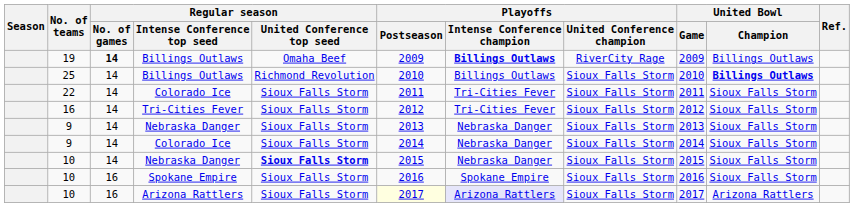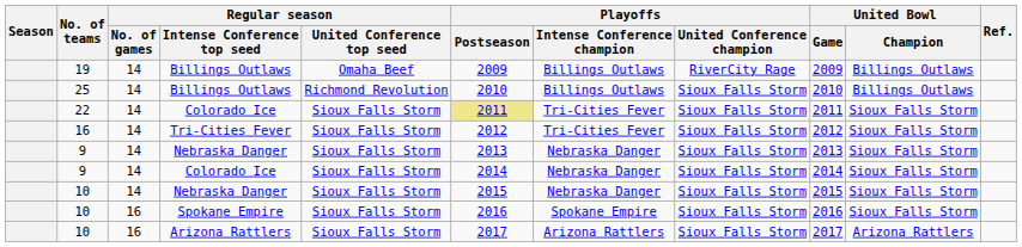 <table class="wikitable plainrowheaders" style="text-align:center; font-size:95%">
 <tr>
 <th rowspan="2">Season</th>
 <th rowspan="2">No. of<br>teams</th>
 <th colspan="3">Regular season</th>
 <th colspan="3">Playoffs</th>
 <th colspan="2">United Bowl</th>
 <th rowspan="2">Ref.</th>
 </tr>
 <tr>
 <th>No. of<br>games</th>
 <th>Intense Conference<br>top seed</th>
 <th>United Conference<br>top seed</th>
 <th>Postseason</th>
 <th>Intense Conference<br>champion</th>
 <th>United Conference<br>champion</th>
 <th>Game</th>
 <th>Champion</th>
 </tr>
 <tr>
 <th></th>
 <td>19</td>
-<td><strong>14</strong></td>
+<td>14</td>
 <td><a href='#'>Billings Outlaws</a></td>
 <td><a href='#'>Omaha Beef</a></td>
 <td><a href='#'>2009</a></td>
-<td><strong><a href='#'>Billings Outlaws</a></strong></td>
+<td><a href='#'>Billings Outlaws</a></td>
 <td><a href='#'>RiverCity Rage</a></td>
 <td><a href='#'>2009</a></td>
 <td><a href='#'>Billings Outlaws</a></td>
 <td></td>
 </tr>
 <tr>
 <th></th>
 <td>25</td>
 <td>14</td>
 <td><a href='#'>Billings Outlaws</a></td>
 <td><a href='#'>Richmond Revolution</a></td>
 <td><a href='#'>2010</a></td>
 <td><a href='#'>Billings Outlaws</a></td>
 <td><a href='#'>Sioux Falls Storm</a></td>
 <td><a href='#'>2010</a></td>
-<td><strong><a href='#'>Billings Outlaws</a></strong></td>
+<td><a href='#'>Billings Outlaws</a></td>
 <td></td>
 </tr>
 <tr>
 <th></th>
 <td>22</td>
 <td>14</td>
 <td><a href='#'>Colorado Ice</a></td>
 <td><a href='#'>Sioux Falls Storm</a></td>
-<td><a href='#'>2011</a></td>
+<td style="background: khaki;"><a href='#'>2011</a></td>
 <td><a href='#'>Tri-Cities Fever</a></td>
 <td><a href='#'>Sioux Falls Storm</a></td>
 <td><a href='#'>2011</a></td>
 <td><a href='#'>Sioux Falls Storm</a></td>
 <td></td>
 </tr>
 <tr>
 <th></th>
 <td>16</td>
 <td>14</td>
 <td><a href='#'>Tri-Cities Fever</a></td>
 <td><a href='#'>Sioux Falls Storm</a></td>
 <td><a href='#'>2012</a></td>
 <td><a href='#'>Tri-Cities Fever</a></td>
 <td><a href='#'>Sioux Falls Storm</a></td>
 <td><a href='#'>2012</a></td>
 <td><a href='#'>Sioux Falls Storm</a></td>
 <td></td>
 </tr>
 <tr>
 <th></th>
 <td>9</td>
 <td>14</td>
 <td><a href='#'>Nebraska Danger</a></td>
 <td><a href='#'>Sioux Falls Storm</a></td>
 <td><a href='#'>2013</a></td>
 <td><a href='#'>Nebraska Danger</a></td>
 <td><a href='#'>Sioux Falls Storm</a></td>
 <td><a href='#'>2013</a></td>
 <td><a href='#'>Sioux Falls Storm</a></td>
 <td></td>
 </tr>
 <tr>
 <th></th>
 <td>9</td>
 <td>14</td>
 <td><a href='#'>Colorado Ice</a></td>
 <td><a href='#'>Sioux Falls Storm</a></td>
 <td><a href='#'>2014</a></td>
 <td><a href='#'>Nebraska Danger</a></td>
 <td><a href='#'>Sioux Falls Storm</a></td>
 <td><a href='#'>2014</a></td>
 <td><a href='#'>Sioux Falls Storm</a></td>
 <td></td>
 </tr>
 <tr>
 <th></th>
 <td>10</td>
 <td>14</td>
 <td><a href='#'>Nebraska Danger</a></td>
-<td><strong><a href='#'>Sioux Falls Storm</a></strong></td>
+<td><a href='#'>Sioux Falls Storm</a></td>
 <td><a href='#'>2015</a></td>
 <td><a href='#'>Nebraska Danger</a></td>
 <td><a href='#'>Sioux Falls Storm</a></td>
 <td><a href='#'>2015</a></td>
 <td><a href='#'>Sioux Falls Storm</a></td>
 <td></td>
 </tr>
 <tr>
 <th></th>
 <td>10</td>
 <td>16</td>
 <td><a href='#'>Spokane Empire</a></td>
 <td><a href='#'>Sioux Falls Storm</a></td>
 <td><a href='#'>2016</a></td>
 <td><a href='#'>Spokane Empire</a></td>
 <td><a href='#'>Sioux Falls Storm</a></td>
 <td><a href='#'>2016</a></td>
 <td><a href='#'>Sioux Falls Storm</a></td>
 <td></td>
 </tr>
 <tr>
 <th></th>
 <td>10</td>
 <td>16</td>
 <td><a href='#'>Arizona Rattlers</a></td>
 <td><a href='#'>Sioux Falls Storm</a></td>
-<td style="background: lightyellow;"><a href='#'>2017</a></td>
-<td style="background: lavender;"><a href='#'>Arizona Rattlers</a></td>
+<td><a href='#'>2017</a></td>
+<td><a href='#'>Arizona Rattlers</a></td>
 <td><a href='#'>Sioux Falls Storm</a></td>
 <td><a href='#'>2017</a></td>
 <td><a href='#'>Arizona Rattlers</a></td>
 <td></td>
 </tr>
 </table>
